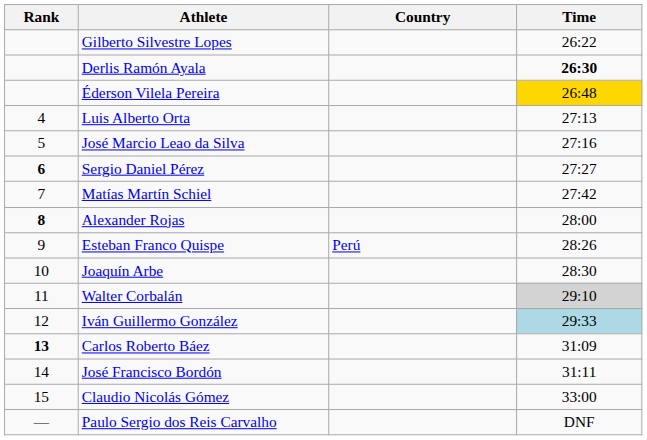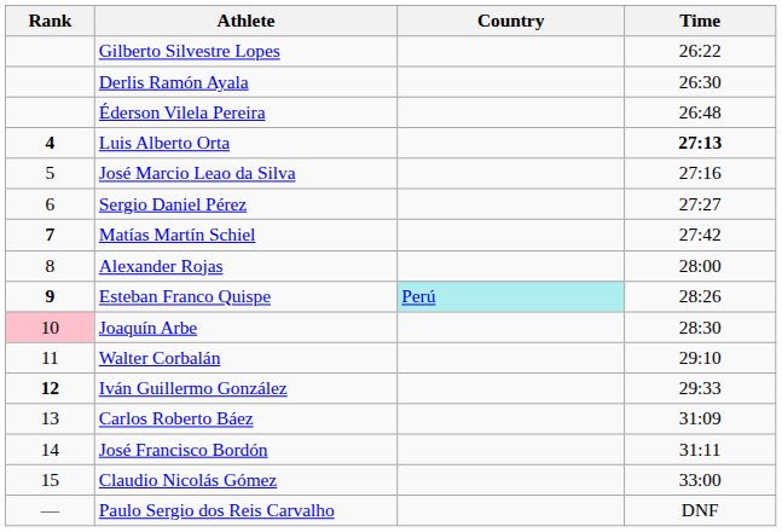 <table class="wikitable sortable" style=" text-align:center; font-size:95%;" width="50%">
 <tr>
 </tr>
 <tr>
 <th width=5%>Rank</th>
 <th width=20%>Athlete</th>
 <th width=15%>Country</th>
 <th width=10%>Time</th>
 </tr>
 <tr>
 <td align=center></td>
 <td align=left><a href='#'>Gilberto Silvestre Lopes</a></td>
 <td align=left></td>
 <td>26:22</td>
 </tr>
 <tr>
 <td align=center></td>
 <td align=left><a href='#'>Derlis Ramón Ayala</a></td>
 <td align=left></td>
-<td><strong>26:30</strong></td>
+<td>26:30</td>
 </tr>
 <tr>
 <td align=center></td>
 <td align=left><a href='#'>Éderson Vilela Pereira</a></td>
 <td align=left></td>
-<td style="background: gold;">26:48</td>
+<td>26:48</td>
 </tr>
 <tr>
-<td align=center>4</td>
+<td align=center><strong>4</strong></td>
 <td align=left><a href='#'>Luis Alberto Orta</a></td>
 <td align=left></td>
-<td>27:13</td>
+<td><strong>27:13</strong></td>
 </tr>
 <tr>
 <td align=center>5</td>
 <td align=left><a href='#'>José Marcio Leao da Silva</a></td>
 <td align=left></td>
 <td>27:16</td>
 </tr>
 <tr>
-<td align=center><strong>6</strong></td>
+<td align=center>6</td>
 <td align=left><a href='#'>Sergio Daniel Pérez</a></td>
 <td align=left></td>
 <td>27:27</td>
 </tr>
 <tr>
-<td align=center>7</td>
+<td align=center><strong>7</strong></td>
 <td align=left><a href='#'>Matías Martín Schiel</a></td>
 <td align=left></td>
 <td>27:42</td>
 </tr>
 <tr>
-<td align=center><strong>8</strong></td>
+<td align=center>8</td>
 <td align=left><a href='#'>Alexander Rojas</a></td>
 <td align=left></td>
 <td>28:00</td>
 </tr>
 <tr>
-<td align=center>9</td>
+<td align=center><strong>9</strong></td>
 <td align=left><a href='#'>Esteban Franco Quispe</a></td>
-<td align=left> <a href='#'>Perú</a></td>
+<td align=left style="background: paleturquoise;"> <a href='#'>Perú</a></td>
 <td>28:26</td>
 </tr>
 <tr>
-<td align=center>10</td>
+<td align=center style="background: pink;">10</td>
 <td align=left><a href='#'>Joaquín Arbe</a></td>
 <td align=left></td>
 <td>28:30</td>
 </tr>
 <tr>
 <td align=center>11</td>
 <td align=left><a href='#'>Walter Corbalán</a></td>
 <td align=left></td>
-<td style="background: lightgrey;">29:10</td>
+<td>29:10</td>
 </tr>
 <tr>
-<td align=center>12</td>
+<td align=center><strong>12</strong></td>
 <td align=left><a href='#'>Iván Guillermo González</a></td>
 <td align=left></td>
-<td style="background: lightblue;">29:33</td>
+<td>29:33</td>
 </tr>
 <tr>
-<td align=center><strong>13</strong></td>
+<td align=center>13</td>
 <td align=left><a href='#'>Carlos Roberto Báez</a></td>
 <td align=left></td>
 <td>31:09</td>
 </tr>
 <tr>
 <td align=center>14</td>
 <td align=left><a href='#'>José Francisco Bordón</a></td>
 <td align=left></td>
 <td>31:11</td>
 </tr>
 <tr>
 <td align=center>15</td>
 <td align=left><a href='#'>Claudio Nicolás Gómez</a></td>
 <td align=left></td>
 <td>33:00</td>
 </tr>
 <tr>
 <td align=center>—</td>
 <td align=left><a href='#'>Paulo Sergio dos Reis Carvalho</a></td>
 <td align=left></td>
 <td>DNF</td>
 </tr>
 </table>
